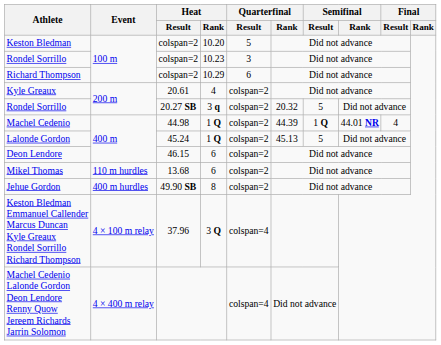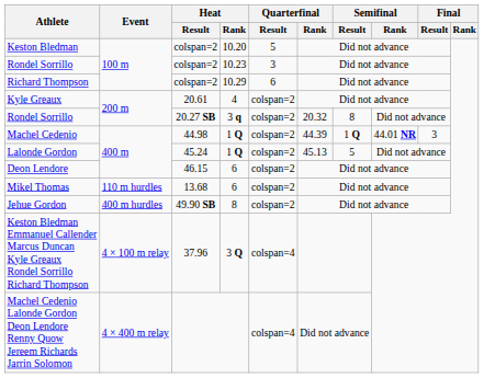 <table class="wikitable" style="font-size:90%">
 <tr>
 <th rowspan="2">Athlete</th>
 <th rowspan="2">Event</th>
 <th colspan="2">Heat</th>
 <th colspan="2">Quarterfinal</th>
 <th colspan="2">Semifinal</th>
 <th colspan="2">Final</th>
 </tr>
 <tr style="font-size:95%">
 <th>Result</th>
 <th>Rank</th>
 <th>Result</th>
 <th>Rank</th>
 <th>Result</th>
 <th>Rank</th>
 <th>Result</th>
 <th>Rank</th>
 </tr>
 <tr align=center>
 <td align=left><a href='#'>Keston Bledman</a></td>
 <td align=left rowspan=3><a href='#'>100 m</a></td>
 <td>colspan=2 </td>
 <td>10.20</td>
 <td>5</td>
 <td colspan=4>Did not advance</td>
 </tr>
 <tr align=center>
 <td align=left><a href='#'>Rondel Sorrillo</a></td>
 <td>colspan=2 </td>
 <td>10.23</td>
 <td>3</td>
 <td colspan=4>Did not advance</td>
 </tr>
 <tr align=center>
 <td align=left><a href='#'>Richard Thompson</a></td>
 <td>colspan=2 </td>
 <td>10.29</td>
 <td>6</td>
 <td colspan=4>Did not advance</td>
 </tr>
 <tr align=center>
 <td align=left><a href='#'>Kyle Greaux</a></td>
 <td align=left rowspan=2><a href='#'>200 m</a></td>
 <td>20.61</td>
 <td>4</td>
 <td>colspan=2 </td>
 <td colspan=4>Did not advance</td>
 </tr>
 <tr align=center>
 <td align=left><a href='#'>Rondel Sorrillo</a></td>
 <td>20.27 <strong>SB</strong></td>
 <td>3 <strong>q</strong></td>
 <td>colspan=2 </td>
 <td>20.32</td>
-<td>5</td>
+<td>8</td>
 <td colspan=2>Did not advance</td>
 </tr>
 <tr align=center>
 <td align=left><a href='#'>Machel Cedenio</a></td>
 <td align=left rowspan=3><a href='#'>400 m</a></td>
 <td>44.98</td>
 <td>1 <strong>Q</strong></td>
 <td>colspan=2 </td>
 <td>44.39</td>
 <td>1 <strong>Q</strong></td>
 <td>44.01 <strong><a href='#'>NR</a></strong></td>
-<td>4</td>
+<td>3</td>
 </tr>
 <tr align=center>
 <td align=left><a href='#'>Lalonde Gordon</a></td>
 <td>45.24</td>
 <td>1 <strong>Q</strong></td>
 <td>colspan=2 </td>
 <td>45.13</td>
 <td>5</td>
 <td colspan=2>Did not advance</td>
 </tr>
 <tr align=center>
 <td align=left><a href='#'>Deon Lendore</a></td>
 <td>46.15</td>
 <td>6</td>
 <td>colspan=2 </td>
 <td colspan=4>Did not advance</td>
 </tr>
 <tr align=center>
 <td align=left><a href='#'>Mikel Thomas</a></td>
 <td align=left><a href='#'>110 m hurdles</a></td>
 <td>13.68</td>
 <td>6</td>
 <td>colspan=2 </td>
 <td colspan=4>Did not advance</td>
 </tr>
 <tr align=center>
 <td align=left><a href='#'>Jehue Gordon</a></td>
 <td align=left><a href='#'>400 m hurdles</a></td>
 <td>49.90 <strong>SB</strong></td>
 <td>8</td>
 <td>colspan=2 </td>
 <td colspan=4>Did not advance</td>
 </tr>
 <tr align=center>
 <td align=left><a href='#'>Keston Bledman</a><br><a href='#'>Emmanuel Callender</a><br><a href='#'>Marcus Duncan</a><br><a href='#'>Kyle Greaux</a><br><a href='#'>Rondel Sorrillo</a><br><a href='#'>Richard Thompson</a></td>
 <td align=left><a href='#'>4 × 100 m relay</a></td>
 <td>37.96</td>
 <td>3 <strong>Q</strong></td>
 <td>colspan=4 </td>
 <td colspan=2></td>
 </tr>
 <tr align=center>
 <td align=left><a href='#'>Machel Cedenio</a><br><a href='#'>Lalonde Gordon</a><br><a href='#'>Deon Lendore</a><br><a href='#'>Renny Quow</a><br><a href='#'>Jereem Richards</a><br><a href='#'>Jarrin Solomon</a></td>
 <td align=left><a href='#'>4 × 400 m relay</a></td>
 <td colspan=2></td>
 <td>colspan=4 </td>
 <td colspan=2>Did not advance</td>
 </tr>
 </table>
